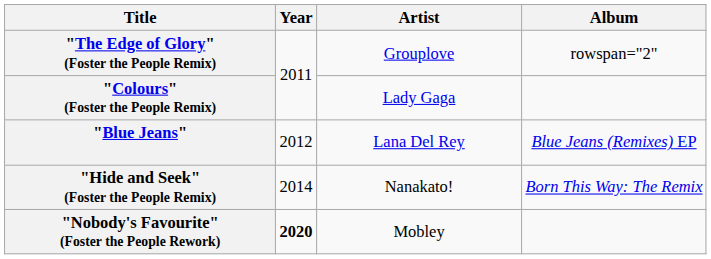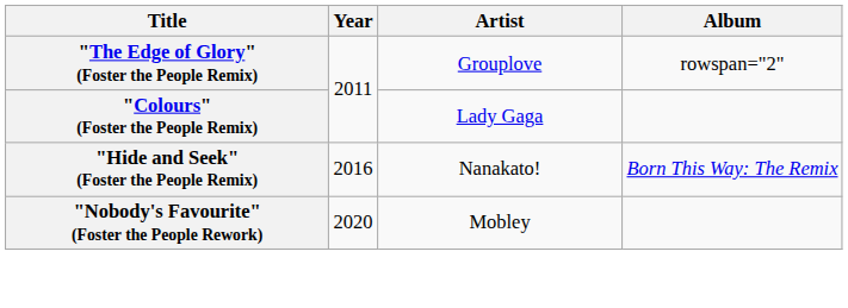 <table class="wikitable plainrowheaders" style="text-align:center">
 <tr>
 <th scope="col" style="width:16em;">Title</th>
 <th scope="col">Year</th>
 <th scope="col" style="width:12em;">Artist</th>
 <th scope="col">Album</th>
 </tr>
 <tr>
 <th scope="row">"<a href='#'>The Edge of Glory</a>"<br><small>(Foster the People Remix)</small></th>
 <td rowspan="2">2011</td>
 <td><a href='#'>Grouplove</a></td>
 <td>rowspan="2" </td>
 </tr>
 <tr>
 <th scope="row">"<a href='#'>Colours</a>"<br><small>(Foster the People Remix)</small></th>
 <td><a href='#'>Lady Gaga</a></td>
 <td></td>
 </tr>
 <tr>
-<th scope="row">"<a href='#'>Blue Jeans</a>"<br><br></th>
-<td>2012</td>
-<td><a href='#'>Lana Del Rey</a></td>
-<td><a href='#'><em>Blue Jeans (Remixes)</em> EP</a></td>
-</tr>
-<tr>
 <th scope="row">"Hide and Seek"<br><small>(Foster the People Remix)</small></th>
-<td>2014</td>
+<td>2016</td>
 <td>Nanakato!</td>
 <td><em><a href='#'>Born This Way: The Remix</a></em></td>
 </tr>
 <tr>
 <th scope="row">"Nobody's Favourite"<br><small>(Foster the People Rework)</small></th>
-<td><strong>2020</strong></td>
+<td>2020</td>
 <td>Mobley</td>
 </tr>
 </table>
